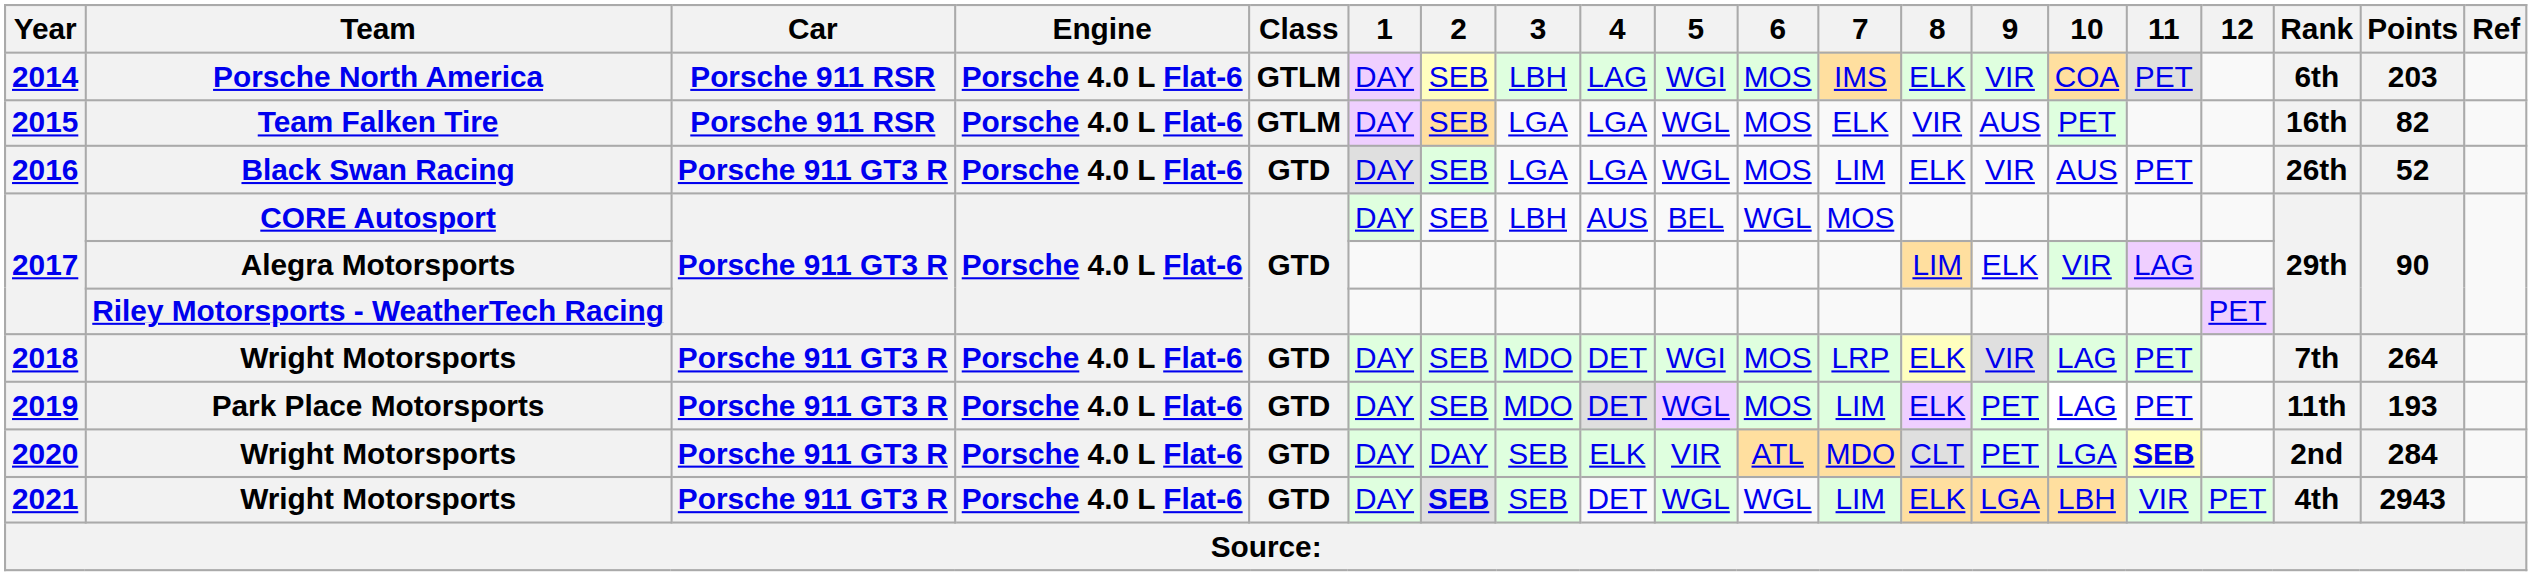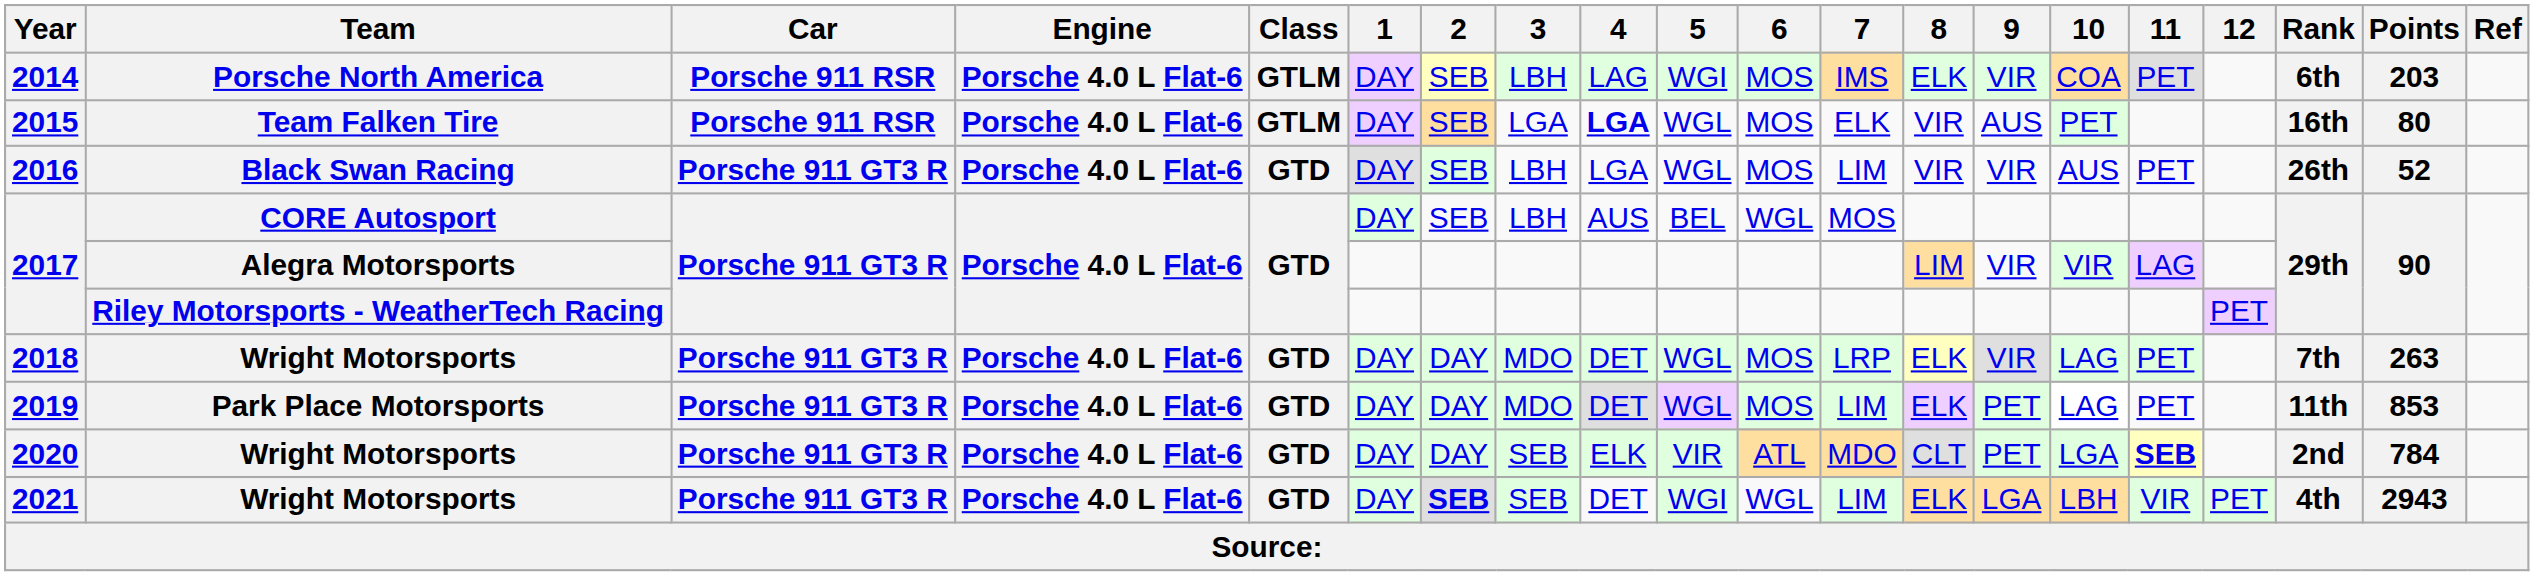 <table class="wikitable" style="text-align:center; font-size:90%">
 <tr>
 <th>Year</th>
 <th>Team</th>
 <th>Car</th>
 <th>Engine</th>
 <th>Class</th>
 <th>1</th>
 <th>2</th>
 <th>3</th>
 <th>4</th>
 <th>5</th>
 <th>6</th>
 <th>7</th>
 <th>8</th>
 <th>9</th>
 <th>10</th>
 <th>11</th>
 <th>12</th>
 <th>Rank</th>
 <th>Points</th>
 <th>Ref</th>
 </tr>
 <tr>
 <th><a href='#'>2014</a></th>
 <th><a href='#'>Porsche North America</a></th>
 <th><a href='#'>Porsche 911 RSR</a></th>
 <th><a href='#'>Porsche</a> 4.0 L <a href='#'>Flat-6</a></th>
 <th>GTLM</th>
 <td style="background:#EFCFFF;"><a href='#'>DAY</a> <br></td>
 <td style="background:#FFFFBF;"><a href='#'>SEB</a> <br></td>
 <td style="background:#DFFFDF;"><a href='#'>LBH</a> <br></td>
 <td style="background:#DFFFDF;"><a href='#'>LAG</a> <br></td>
 <td style="background:#DFFFDF;"><a href='#'>WGI</a> <br></td>
 <td style="background:#DFFFDF;"><a href='#'>MOS</a> <br></td>
 <td style="background:#FFDF9F;"><a href='#'>IMS</a> <br></td>
 <td style="background:#DFFFDF;"><a href='#'>ELK</a> <br></td>
 <td style="background:#DFFFDF;"><a href='#'>VIR</a> <br></td>
 <td style="background:#FFDF9F;"><a href='#'>COA</a> <br></td>
 <td style="background:#DFDFDF;"><a href='#'>PET</a> <br></td>
 <td></td>
 <th>6th</th>
 <th>203</th>
 <td></td>
 </tr>
 <tr>
 <th><a href='#'>2015</a></th>
 <th><a href='#'>Team Falken Tire</a></th>
 <th><a href='#'>Porsche 911 RSR</a></th>
 <th><a href='#'>Porsche</a> 4.0 L <a href='#'>Flat-6</a></th>
 <th>GTLM</th>
 <td style="background:#EFCFFF;"><a href='#'>DAY</a> <br></td>
 <td style="background:#FFDF9F;"><a href='#'>SEB</a> <br></td>
 <td style="background:#;”"><a href='#'>LGA</a><br></td>
-<td style="background:#;"><a href='#'>LGA</a><br></td>
+<td style="background:#;"><strong><a href='#'>LGA</a><br></strong></td>
 <td style="background:#;"><a href='#'>WGL</a><br></td>
 <td style="background:#;"><a href='#'>MOS</a><br></td>
 <td style="background:#;"><a href='#'>ELK</a><br></td>
 <td style="background:#;"><a href='#'>VIR</a><br></td>
 <td style="background:#;"><a href='#'>AUS</a><br></td>
 <td style="background:#DFFFDF;"><a href='#'>PET</a> <br></td>
 <td></td>
 <td></td>
 <th>16th</th>
-<th>82</th>
+<th>80</th>
 <td></td>
 </tr>
 <tr>
 <th><a href='#'>2016</a></th>
 <th><a href='#'>Black Swan Racing</a></th>
 <th><a href='#'>Porsche 911 GT3 R</a></th>
 <th><a href='#'>Porsche</a> 4.0 L <a href='#'>Flat-6</a></th>
 <th>GTD</th>
 <td style="background:#DFDFDF;"><a href='#'>DAY</a> <br></td>
 <td style="background:#DFFFDF;"><a href='#'>SEB</a> <br></td>
-<td style="background:#;”"><a href='#'>LGA</a><br></td>
+<td style="background:#;"><a href='#'>LBH</a><br></td>
 <td style="background:#;"><a href='#'>LGA</a><br></td>
 <td style="background:#;"><a href='#'>WGL</a><br></td>
 <td style="background:#;"><a href='#'>MOS</a><br></td>
 <td style="background:#;"><a href='#'>LIM</a><br></td>
-<td style="background:#;"><a href='#'>ELK</a><br></td>
+<td style="background:#;"><a href='#'>VIR</a><br></td>
 <td style="background:#;"><a href='#'>VIR</a><br></td>
 <td style="background:#;"><a href='#'>AUS</a><br></td>
 <td style="background:#;"><a href='#'>PET</a><br></td>
 <td></td>
 <th>26th</th>
 <th>52</th>
 <td></td>
 </tr>
 <tr>
 <th rowspan=3><a href='#'>2017</a></th>
 <th><a href='#'>CORE Autosport</a></th>
 <th rowspan=3><a href='#'>Porsche 911 GT3 R</a></th>
 <th rowspan=3><a href='#'>Porsche</a> 4.0 L <a href='#'>Flat-6</a></th>
 <th rowspan=3>GTD</th>
 <td style="background:#DFFFDF;"><a href='#'>DAY</a> <br></td>
 <td style="background:#;"><a href='#'>SEB</a><br></td>
 <td style="background:#;"><a href='#'>LBH</a><br></td>
 <td style="background:#;"><a href='#'>AUS</a><br></td>
 <td style="background:#;"><a href='#'>BEL</a><br></td>
 <td style="background:#;"><a href='#'>WGL</a><br></td>
 <td style="background:#;"><a href='#'>MOS</a><br></td>
 <td></td>
 <td></td>
 <td></td>
 <td></td>
 <td></td>
 <th rowspan=3>29th</th>
 <th rowspan=3>90</th>
 <td rowspan="3"></td>
 </tr>
 <tr>
 <th>Alegra Motorsports</th>
 <td></td>
 <td></td>
 <td></td>
 <td></td>
 <td></td>
 <td></td>
 <td></td>
 <td style="background:#FFDF9F;"><a href='#'>LIM</a> <br></td>
-<td style="background:#;"><a href='#'>ELK</a><br></td>
+<td style="background:#;"><a href='#'>VIR</a><br></td>
 <td style="background:#DFFFDF;"><a href='#'>VIR</a> <br></td>
 <td style="background:#EFCFFF;"><a href='#'>LAG</a> <br></td>
 <td></td>
 </tr>
 <tr>
 <th><a href='#'>Riley Motorsports - WeatherTech Racing</a></th>
 <td></td>
 <td></td>
 <td></td>
 <td></td>
 <td></td>
 <td></td>
 <td></td>
 <td></td>
 <td></td>
 <td></td>
 <td></td>
 <td style="background:#EFCFFF;"><a href='#'>PET</a> <br></td>
 </tr>
 <tr>
 <th><a href='#'>2018</a></th>
 <th>Wright Motorsports</th>
 <th><a href='#'>Porsche 911 GT3 R</a></th>
 <th><a href='#'>Porsche</a> 4.0 L <a href='#'>Flat-6</a></th>
 <th>GTD</th>
 <td style="background:#DFFFDF;"><a href='#'>DAY</a> <br></td>
-<td style="background:#DFFFDF;"><a href='#'>SEB</a> <br></td>
+<td style="background:#dfffdf;"><a href='#'>DAY</a><br></td>
 <td style="background:#DFFFDF;"><a href='#'>MDO</a> <br></td>
 <td style="background:#DFFFDF;"><a href='#'>DET</a> <br></td>
-<td style="background:#DFFFDF;"><a href='#'>WGI</a> <br></td>
+<td style="background:#dfffdf;"><a href='#'>WGL</a><br></td>
 <td style="background:#DFFFDF;"><a href='#'>MOS</a> <br></td>
 <td style="background:#DFFFDF;"><a href='#'>LRP</a> <br></td>
 <td style="background:#FFFFBF;"><a href='#'>ELK</a> <br></td>
 <td style="background:#DFDFDF;"><a href='#'>VIR</a> <br></td>
 <td style="background:#DFFFDF;"><a href='#'>LAG</a> <br></td>
 <td style="background:#DFFFDF;"><a href='#'>PET</a> <br></td>
 <td></td>
 <th>7th</th>
-<th>264</th>
+<th>263</th>
 <td></td>
 </tr>
 <tr>
 <th><a href='#'>2019</a></th>
 <th>Park Place Motorsports</th>
 <th><a href='#'>Porsche 911 GT3 R</a></th>
 <th><a href='#'>Porsche</a> 4.0 L <a href='#'>Flat-6</a></th>
 <th>GTD</th>
 <td style="background:#DFFFDF;"><a href='#'>DAY</a> <br></td>
-<td style="background:#DFFFDF;"><a href='#'>SEB</a> <br></td>
+<td style="background:#dfffdf;"><a href='#'>DAY</a><br></td>
 <td style="background:#DFFFDF;"><a href='#'>MDO</a> <br></td>
 <td style="background:#DFDFDF;"><a href='#'>DET</a> <br></td>
 <td style="background:#efcfff;"><a href='#'>WGL</a> <br></td>
 <td style="background:#dfffdf;"><a href='#'>MOS</a> <br></td>
 <td style="background:#dfffdf;"><a href='#'>LIM</a> <br></td>
 <td style="background:#efcfff;"><a href='#'>ELK</a> <br></td>
 <td style="background:#dfffdf;"><a href='#'>PET</a><br></td>
 <td style="background:#ffffff;"><a href='#'>LAG</a> <br></td>
 <td><a href='#'>PET</a> <br></td>
 <td></td>
 <th>11th</th>
-<th>193</th>
+<th>853</th>
 <td></td>
 </tr>
 <tr>
 <th><a href='#'>2020</a></th>
 <th>Wright Motorsports</th>
 <th><a href='#'>Porsche 911 GT3 R</a></th>
 <th><a href='#'>Porsche</a> 4.0 L <a href='#'>Flat-6</a></th>
 <th>GTD</th>
 <td style="background:#dfffdf;"><a href='#'>DAY</a><br></td>
 <td style="background:#dfffdf;"><a href='#'>DAY</a><br></td>
 <td style="background:#dfffdf;"><a href='#'>SEB</a><br></td>
 <td style="background:#dfffdf;"><a href='#'>ELK</a><br></td>
 <td style="background:#dfffdf;"><a href='#'>VIR</a><br></td>
 <td style="background:#ffdf9f;"><a href='#'>ATL</a><br></td>
 <td style="background:#ffdf9f;"><a href='#'>MDO</a><br></td>
 <td style="background:#dfdfdf;"><a href='#'>CLT</a><br></td>
 <td style="background:#dfffdf;"><a href='#'>PET</a><br></td>
 <td style="background:#dfffdf;"><a href='#'>LGA</a><br></td>
 <td style="background:#ffffbf;"><strong><a href='#'>SEB</a><br></strong></td>
 <td></td>
 <th>2nd</th>
-<th>284</th>
+<th>784</th>
 <td></td>
 </tr>
 <tr>
 <th><a href='#'>2021</a></th>
 <th>Wright Motorsports</th>
 <th><a href='#'>Porsche 911 GT3 R</a></th>
 <th><a href='#'>Porsche</a> 4.0 L <a href='#'>Flat-6</a></th>
 <th>GTD</th>
 <td style="background:#DFFFDF;"><a href='#'>DAY</a><br></td>
 <td style="background:#dfdfdf;"><strong><a href='#'>SEB</a></strong><br></td>
 <td style="background:#dfffdf;"><a href='#'>SEB</a><br></td>
 <td><a href='#'>DET</a></td>
-<td style="background:#dfffdf;"><a href='#'>WGL</a><br></td>
+<td style="background:#DFFFDF;"><a href='#'>WGI</a> <br></td>
 <td><a href='#'>WGL</a></td>
 <td style="background:#dfffdf;"><a href='#'>LIM</a><br></td>
 <td style="background:#ffdf9f;"><a href='#'>ELK</a><br></td>
 <td style="background:#ffdf9f;"><a href='#'>LGA</a><br></td>
 <td style="background:#ffdf9f;"><a href='#'>LBH</a><br></td>
 <td style="background:#dfffdf;"><a href='#'>VIR</a><br></td>
 <td style="background:#dfffdf;"><a href='#'>PET</a><br></td>
 <th>4th</th>
 <th>2943</th>
 <td></td>
 </tr>
 <tr>
 <th colspan="20">Source:</th>
 </tr>
 </table>
